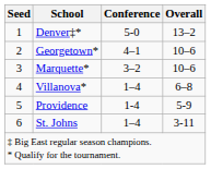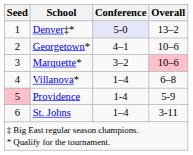 <table class="wikitable" style="text-align:center">
 <tr>
 <th>Seed</th>
 <th>School</th>
 <th>Conference</th>
 <th>Overall</th>
 </tr>
 <tr>
 <td>1</td>
 <td align=left><a href='#'>Denver</a>‡*</td>
-<td>5-0</td>
+<td style="background: lavender;">5-0</td>
 <td>13–2</td>
 </tr>
 <tr>
 <td>2</td>
 <td align=left><a href='#'>Georgetown</a>*</td>
 <td>4–1</td>
 <td>10–6</td>
 </tr>
 <tr>
 <td>3</td>
 <td align=left><a href='#'>Marquette</a>*</td>
 <td>3–2</td>
-<td>10–6</td>
+<td style="background: pink;">10–6</td>
 </tr>
 <tr>
 <td>4</td>
 <td align=left><a href='#'>Villanova</a>*</td>
 <td>1–4</td>
 <td>6–8</td>
 </tr>
 <tr>
-<td>5</td>
+<td style="background: pink;">5</td>
 <td align=left><a href='#'>Providence</a></td>
 <td>1-4</td>
 <td>5-9</td>
 </tr>
 <tr>
 <td>6</td>
 <td align=left><a href='#'>St. Johns</a></td>
 <td>1–4</td>
 <td>3-11</td>
 </tr>
 <tr>
 <td colspan=4 align=left><small>‡ Big East regular season champions.<br>* Qualify for the tournament.<br></small></td>
 </tr>
 </table>
